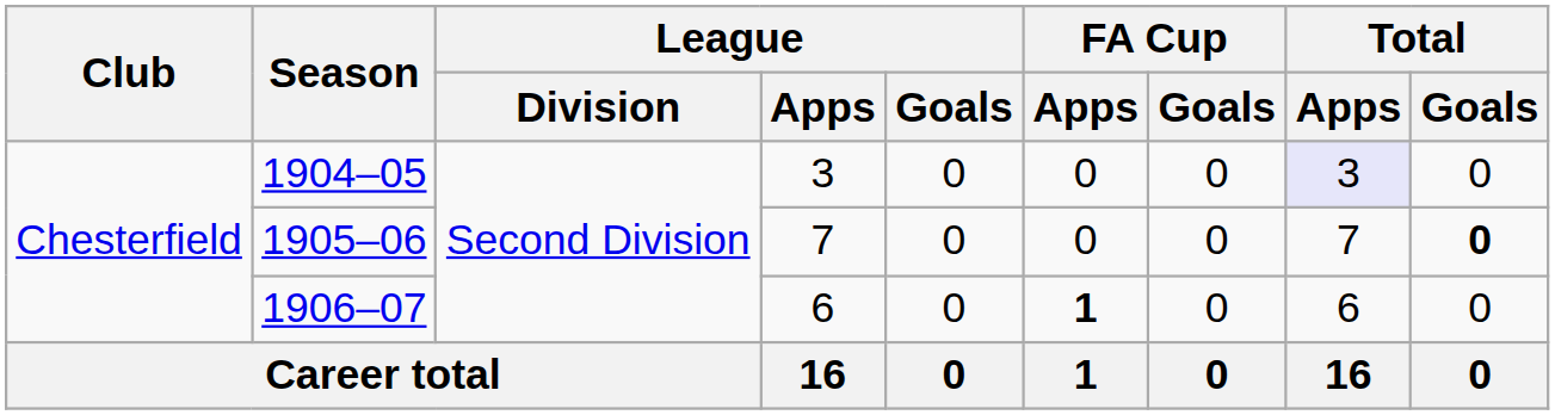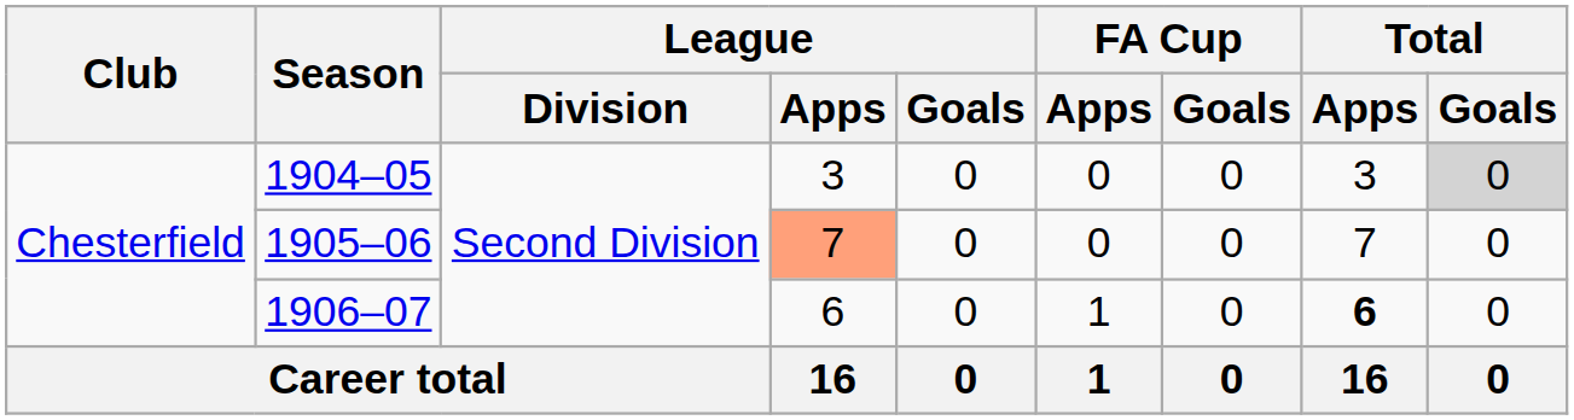 <table class="wikitable" style="text-align: center">
 <tr>
 <th rowspan="2">Club</th>
 <th rowspan="2">Season</th>
 <th colspan="3">League</th>
 <th colspan="2">FA Cup</th>
 <th colspan="2">Total</th>
 </tr>
 <tr>
 <th>Division</th>
 <th>Apps</th>
 <th>Goals</th>
 <th>Apps</th>
 <th>Goals</th>
 <th>Apps</th>
 <th>Goals</th>
 </tr>
 <tr>
 <td rowspan="3"><a href='#'>Chesterfield</a></td>
 <td><a href='#'>1904–05</a></td>
 <td rowspan="3"><a href='#'>Second Division</a></td>
 <td>3</td>
 <td>0</td>
 <td>0</td>
 <td>0</td>
-<td style="background: lavender;">3</td>
-<td>0</td>
+<td>3</td>
+<td style="background: lightgrey;">0</td>
 </tr>
 <tr>
 <td><a href='#'>1905–06</a></td>
-<td>7</td>
+<td style="background: lightsalmon;">7</td>
 <td>0</td>
 <td>0</td>
 <td>0</td>
 <td>7</td>
-<td><strong>0</strong></td>
+<td>0</td>
 </tr>
 <tr>
 <td><a href='#'>1906–07</a></td>
 <td>6</td>
 <td>0</td>
-<td><strong>1</strong></td>
+<td>1</td>
 <td>0</td>
-<td>6</td>
+<td><strong>6</strong></td>
 <td>0</td>
 </tr>
 <tr>
 <th colspan="3">Career total</th>
 <th>16</th>
 <th>0</th>
 <th>1</th>
 <th>0</th>
 <th>16</th>
 <th>0</th>
 </tr>
 </table>
